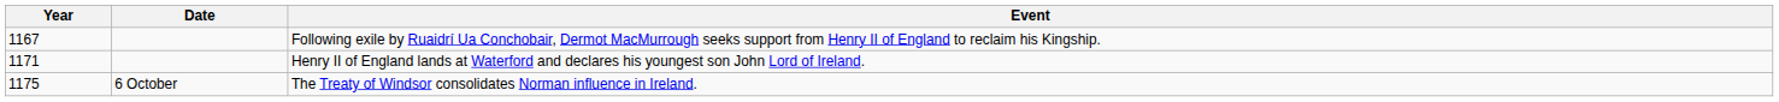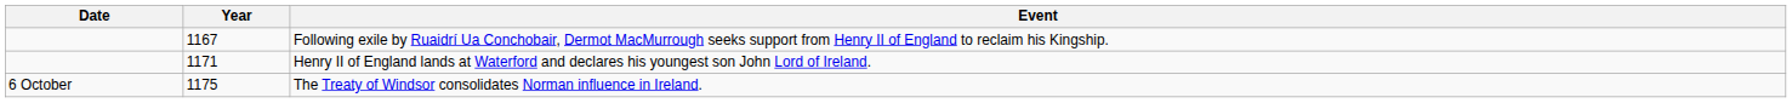 <table class="wikitable" width="100%">
 <tr>
+<th style="width:10%">Date</th>
 <th style="width:6%">Year</th>
-<th style="width:10%">Date</th>
 <th>Event</th>
 </tr>
 <tr>
+<td></td>
 <td>1167</td>
-<td></td>
 <td>Following exile by <a href='#'>Ruaidrí Ua Conchobair</a>, <a href='#'>Dermot MacMurrough</a> seeks support from <a href='#'>Henry II of England</a> to reclaim his Kingship.</td>
 </tr>
 <tr>
+<td></td>
 <td>1171</td>
-<td></td>
 <td>Henry II of England lands at <a href='#'>Waterford</a> and declares his youngest son John <a href='#'>Lord of Ireland</a>.</td>
 </tr>
 <tr>
+<td>6 October</td>
 <td>1175</td>
-<td>6 October</td>
 <td>The <a href='#'>Treaty of Windsor</a> consolidates <a href='#'>Norman influence in Ireland</a>.</td>
 </tr>
 </table>
